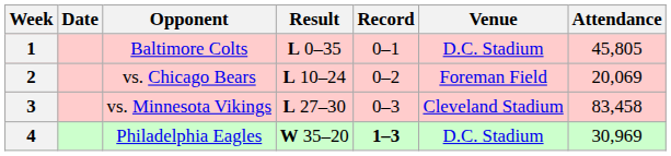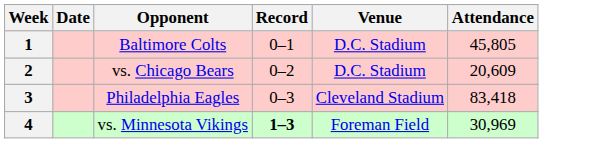 <table class="wikitable" style="text-align:center">
 <tr>
 <th>Week</th>
 <th>Date</th>
 <th>Opponent</th>
-<th>Result</th>
 <th>Record</th>
 <th>Venue</th>
 <th>Attendance</th>
 </tr>
 <tr style="background:#fcc;">
 <th>1</th>
 <td></td>
 <td><a href='#'>Baltimore Colts</a></td>
-<td><strong>L</strong> 0–35</td>
 <td>0–1</td>
 <td><a href='#'>D.C. Stadium</a></td>
 <td>45,805</td>
 </tr>
 <tr style="background:#fcc;">
 <th>2</th>
 <td></td>
 <td>vs. <a href='#'>Chicago Bears</a></td>
-<td><strong>L</strong> 10–24</td>
 <td>0–2</td>
-<td><a href='#'>Foreman Field</a> </td>
-<td>20,069</td>
+<td><a href='#'>D.C. Stadium</a></td>
+<td>20,609</td>
 </tr>
 <tr style="background:#fcc;">
 <th>3</th>
 <td></td>
-<td>vs. <a href='#'>Minnesota Vikings</a></td>
-<td><strong>L</strong> 27–30</td>
+<td><a href='#'>Philadelphia Eagles</a></td>
 <td>0–3</td>
 <td><a href='#'>Cleveland Stadium</a> </td>
-<td>83,458</td>
+<td>83,418</td>
 </tr>
 <tr style="background:#cfc;">
 <th>4</th>
 <td></td>
-<td><a href='#'>Philadelphia Eagles</a></td>
-<td><strong>W</strong> 35–20</td>
+<td>vs. <a href='#'>Minnesota Vikings</a></td>
 <td><strong>1–3</strong></td>
-<td><a href='#'>D.C. Stadium</a></td>
+<td><a href='#'>Foreman Field</a> </td>
 <td>30,969</td>
 </tr>
 </table>
